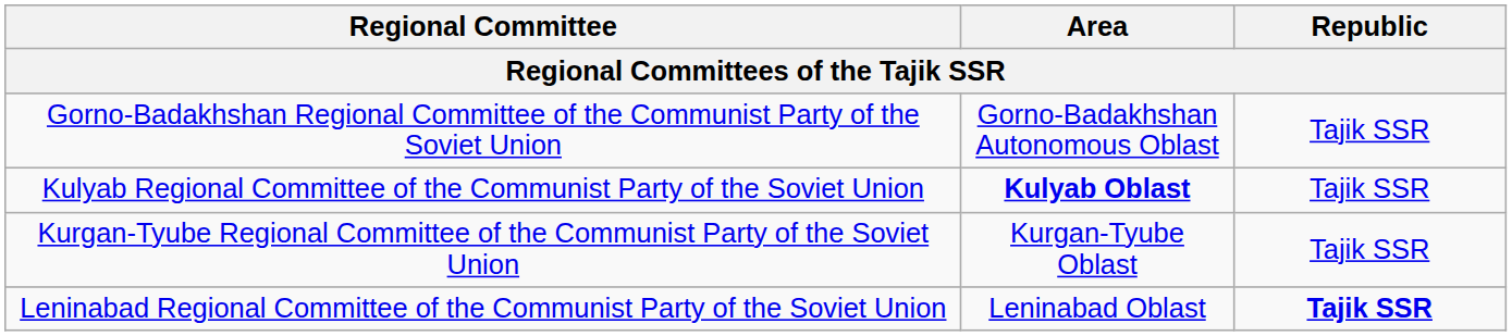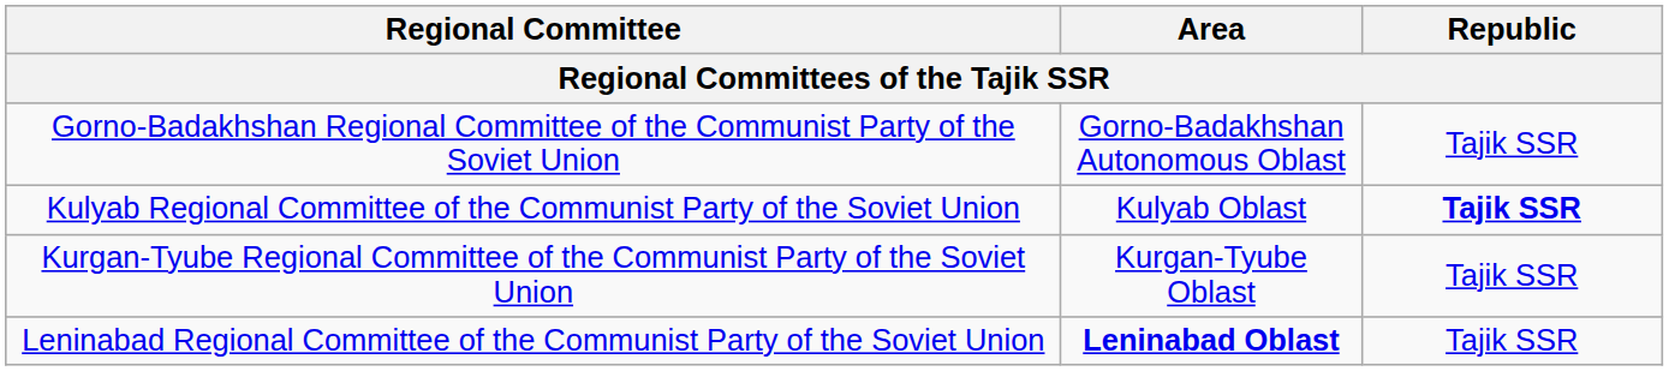 <table class="wikitable" style="text-align:center">
 <tr>
 <th>Regional Committee</th>
 <th width="150">Area</th>
 <th width="150">Republic</th>
 </tr>
 <tr>
 <th colspan="3"><strong>Regional Committees of the Tajik SSR</strong></th>
 </tr>
 <tr>
 <td><a href='#'>Gorno-Badakhshan Regional Committee of the Communist Party of the Soviet Union</a></td>
 <td><a href='#'>Gorno-Badakhshan Autonomous Oblast</a></td>
 <td> <a href='#'>Tajik SSR</a></td>
 </tr>
 <tr>
 <td><a href='#'>Kulyab Regional Committee of the Communist Party of the Soviet Union</a></td>
-<td><strong><a href='#'>Kulyab Oblast</a></strong></td>
-<td> <a href='#'>Tajik SSR</a></td>
+<td><a href='#'>Kulyab Oblast</a></td>
+<td><strong> <a href='#'>Tajik SSR</a></strong></td>
 </tr>
 <tr>
 <td><a href='#'>Kurgan-Tyube Regional Committee of the Communist Party of the Soviet Union</a></td>
 <td><a href='#'>Kurgan-Tyube Oblast</a></td>
 <td> <a href='#'>Tajik SSR</a></td>
 </tr>
 <tr>
 <td><a href='#'>Leninabad Regional Committee of the Communist Party of the Soviet Union</a></td>
-<td><a href='#'>Leninabad Oblast</a></td>
-<td><strong> <a href='#'>Tajik SSR</a></strong></td>
+<td><strong><a href='#'>Leninabad Oblast</a></strong></td>
+<td> <a href='#'>Tajik SSR</a></td>
 </tr>
 </table>
